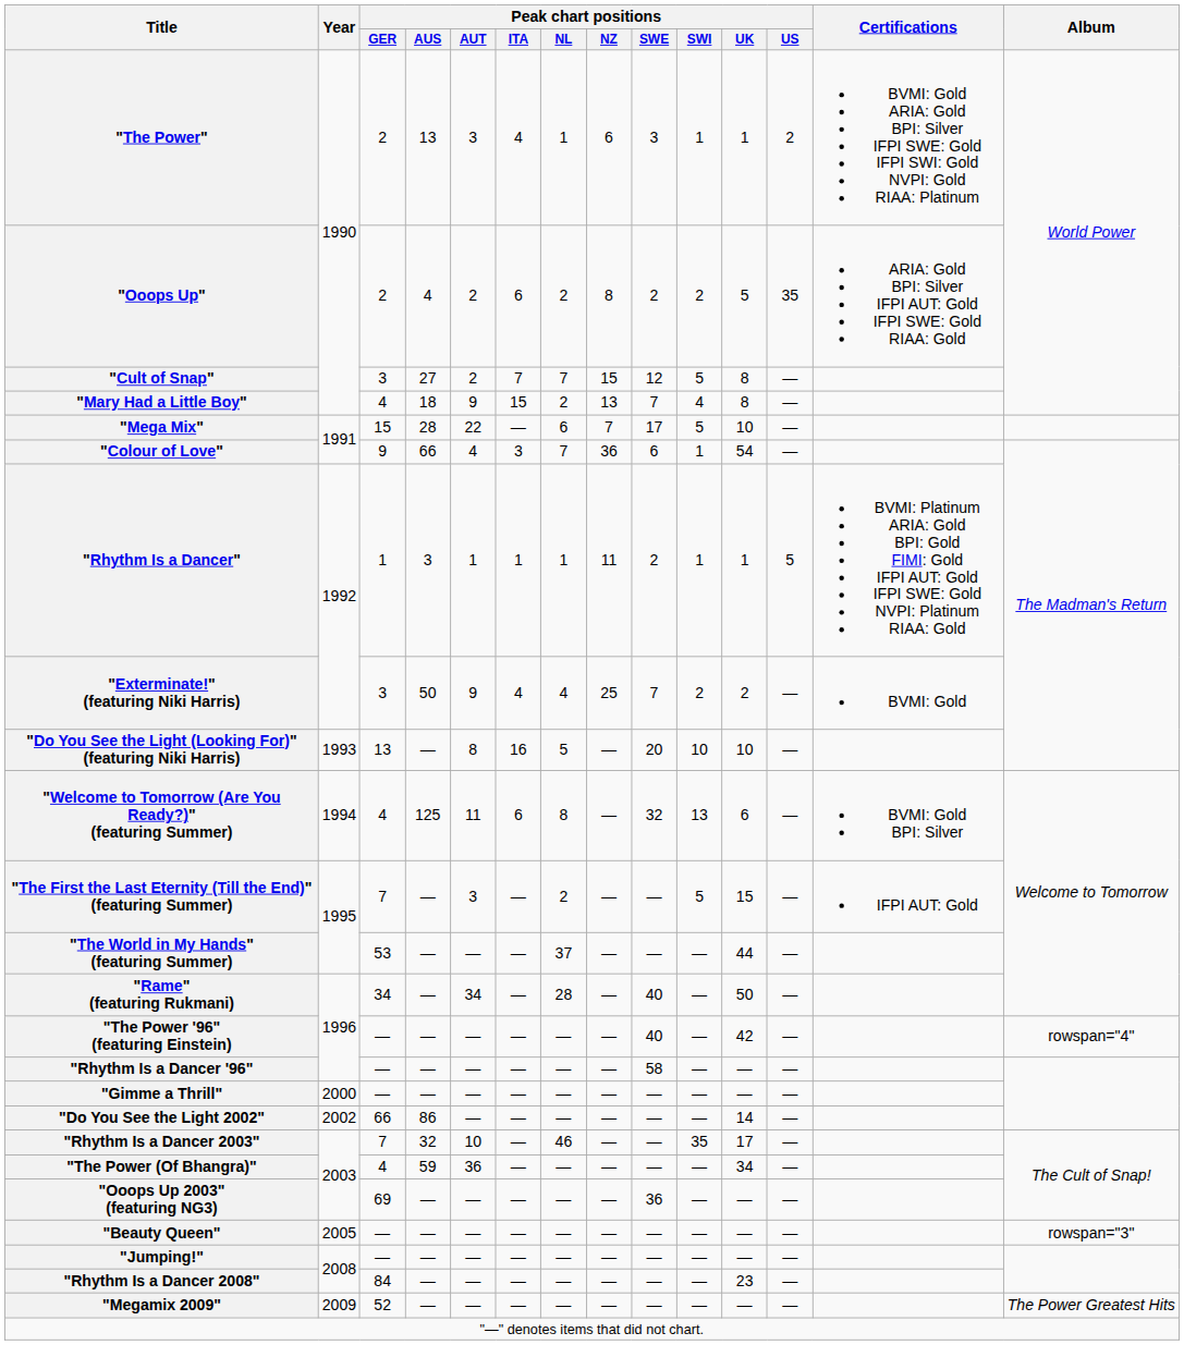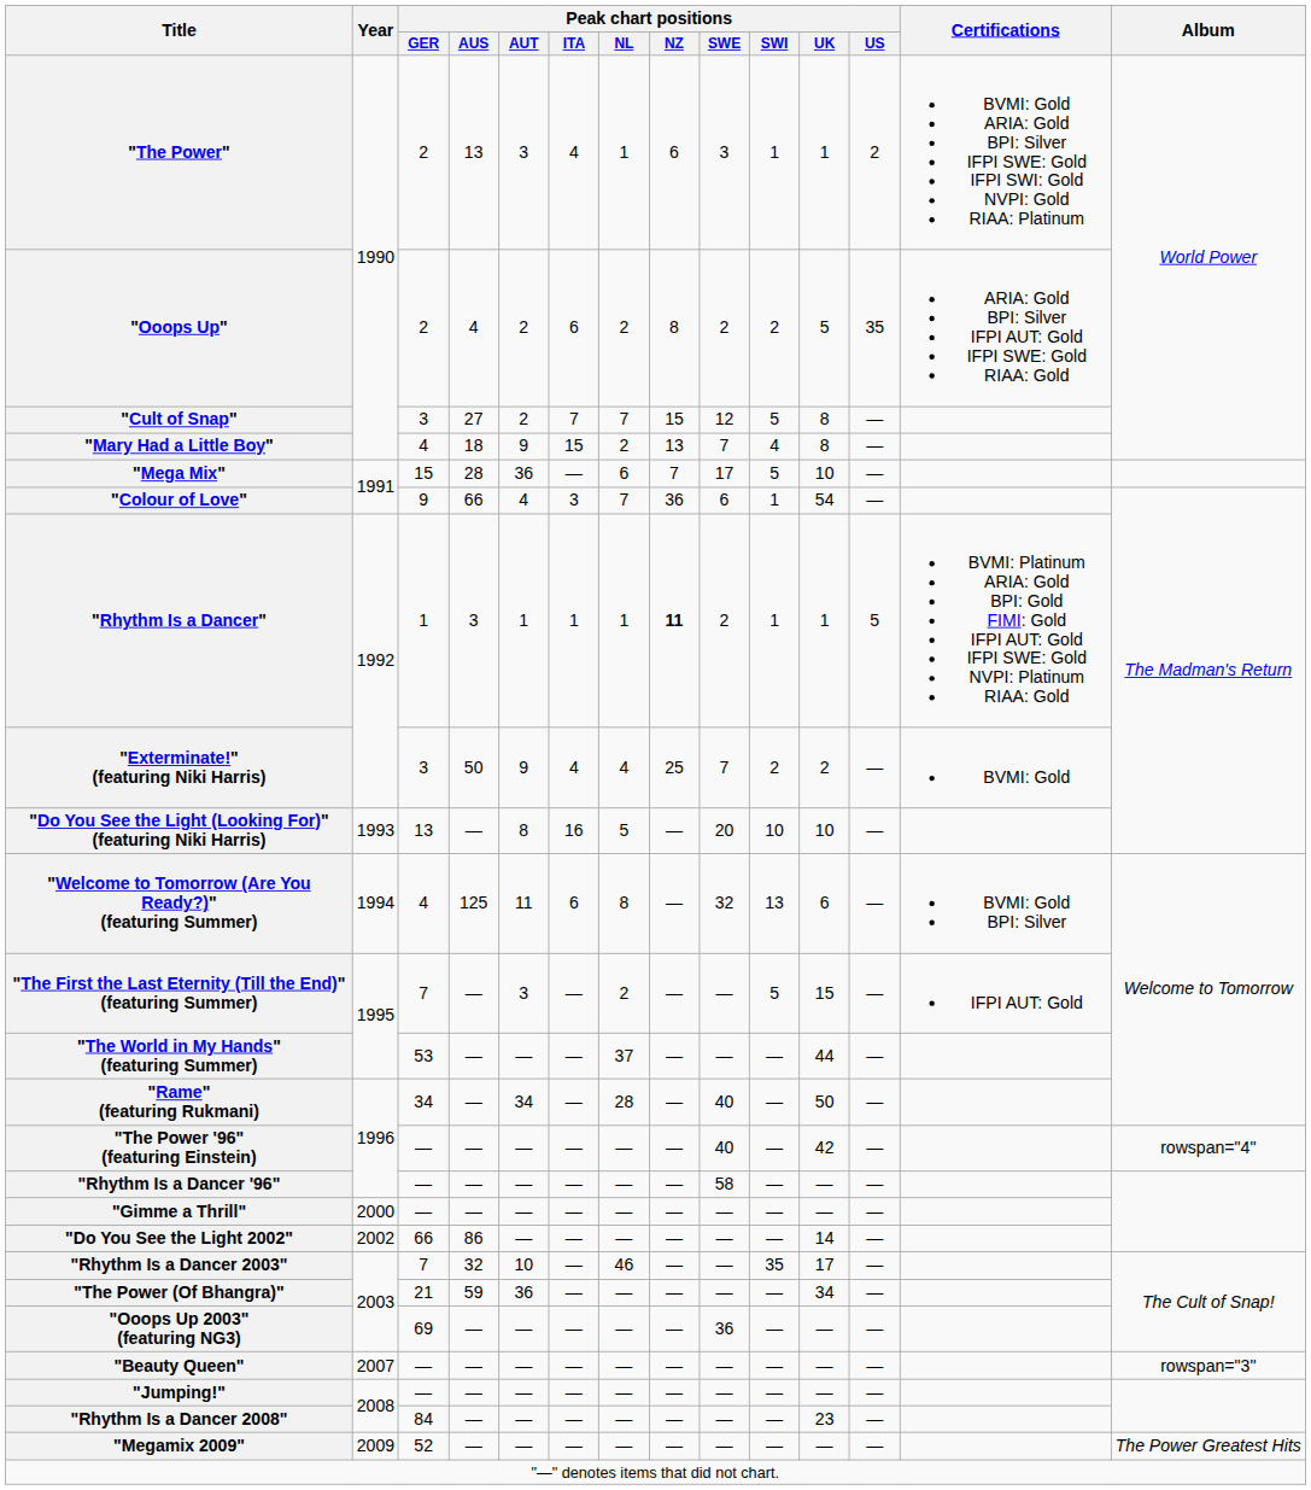 <table class="wikitable plainrowheaders" style="text-align:center;">
 <tr>
 <th scope="col" rowspan="2" style="width:20em;">Title</th>
 <th scope="col" rowspan="2">Year</th>
 <th scope="col" colspan="10">Peak chart positions</th>
 <th scope="col" rowspan="2" style="width:12em;"><a href='#'>Certifications</a></th>
 <th scope="col" rowspan="2">Album</th>
 </tr>
 <tr>
 <th style="width:3em;font-size:85%"><a href='#'>GER</a><br></th>
 <th style="width:3em;font-size:85%"><a href='#'>AUS</a><br></th>
 <th style="width:3em;font-size:85%"><a href='#'>AUT</a><br></th>
 <th style="width:3em;font-size:85%"><a href='#'>ITA</a><br></th>
 <th style="width:3em;font-size:85%"><a href='#'>NL</a><br></th>
 <th style="width:3em;font-size:85%"><a href='#'>NZ</a><br></th>
 <th style="width:3em;font-size:85%"><a href='#'>SWE</a><br></th>
 <th style="width:3em;font-size:85%"><a href='#'>SWI</a><br></th>
 <th style="width:3em;font-size:85%"><a href='#'>UK</a><br></th>
 <th style="width:3em;font-size:85%"><a href='#'>US</a><br></th>
 </tr>
 <tr>
 <th scope="row">"<a href='#'>The Power</a>"</th>
 <td rowspan="4">1990</td>
 <td>2</td>
 <td>13</td>
 <td>3</td>
 <td>4</td>
 <td>1</td>
 <td>6</td>
 <td>3</td>
 <td>1</td>
 <td>1</td>
 <td>2</td>
 <td><br><ul><li>BVMI: Gold</li><li>ARIA: Gold</li><li>BPI: Silver</li><li>IFPI SWE: Gold</li><li>IFPI SWI: Gold</li><li>NVPI: Gold</li><li>RIAA: Platinum</li></ul></td>
 <td rowspan="4"><em><a href='#'>World Power</a></em></td>
 </tr>
 <tr>
 <th scope="row">"<a href='#'>Ooops Up</a>"</th>
 <td>2</td>
 <td>4</td>
 <td>2</td>
 <td>6</td>
 <td>2</td>
 <td>8</td>
 <td>2</td>
 <td>2</td>
 <td>5</td>
 <td>35</td>
 <td><br><ul><li>ARIA: Gold</li><li>BPI: Silver</li><li>IFPI AUT: Gold</li><li>IFPI SWE: Gold</li><li>RIAA: Gold</li></ul></td>
 </tr>
 <tr>
 <th scope="row">"<a href='#'>Cult of Snap</a>"</th>
 <td>3</td>
 <td>27</td>
 <td>2</td>
 <td>7</td>
 <td>7</td>
 <td>15</td>
 <td>12</td>
 <td>5</td>
 <td>8</td>
 <td>—</td>
 <td></td>
 </tr>
 <tr>
 <th scope="row">"<a href='#'>Mary Had a Little Boy</a>"</th>
 <td>4</td>
 <td>18</td>
 <td>9</td>
 <td>15</td>
 <td>2</td>
 <td>13</td>
 <td>7</td>
 <td>4</td>
 <td>8</td>
 <td>—</td>
 <td></td>
 </tr>
 <tr>
 <th scope="row">"<a href='#'>Mega Mix</a>"</th>
 <td rowspan="2">1991</td>
 <td>15</td>
 <td>28</td>
-<td>22</td>
+<td>36</td>
 <td>—</td>
 <td>6</td>
 <td>7</td>
 <td>17</td>
 <td>5</td>
 <td>10</td>
 <td>—</td>
 <td></td>
 <td></td>
 </tr>
 <tr>
 <th scope="row">"<a href='#'>Colour of Love</a>"</th>
 <td>9</td>
 <td>66</td>
 <td>4</td>
 <td>3</td>
 <td>7</td>
 <td>36</td>
 <td>6</td>
 <td>1</td>
 <td>54</td>
 <td>—</td>
 <td></td>
 <td rowspan="4"><em><a href='#'>The Madman's Return</a></em></td>
 </tr>
 <tr>
 <th scope="row">"<a href='#'>Rhythm Is a Dancer</a>"</th>
 <td rowspan="2">1992</td>
 <td>1</td>
 <td>3</td>
 <td>1</td>
 <td>1</td>
 <td>1</td>
-<td>11</td>
+<td><strong>11</strong></td>
 <td>2</td>
 <td>1</td>
 <td>1</td>
 <td>5</td>
 <td><br><ul><li>BVMI: Platinum</li><li>ARIA: Gold</li><li>BPI: Gold</li><li><a href='#'>FIMI</a>: Gold</li><li>IFPI AUT: Gold</li><li>IFPI SWE: Gold</li><li>NVPI: Platinum</li><li>RIAA: Gold</li></ul></td>
 </tr>
 <tr>
 <th scope="row">"<a href='#'>Exterminate!</a>"<br><span>(featuring Niki Harris)</span></th>
 <td>3</td>
 <td>50</td>
 <td>9</td>
 <td>4</td>
 <td>4</td>
 <td>25</td>
 <td>7</td>
 <td>2</td>
 <td>2</td>
 <td>—</td>
 <td><br><ul><li>BVMI: Gold</li></ul></td>
 </tr>
 <tr>
 <th scope="row">"<a href='#'>Do You See the Light (Looking For)</a>"<br><span>(featuring Niki Harris)</span></th>
 <td>1993</td>
 <td>13</td>
 <td>—</td>
 <td>8</td>
 <td>16</td>
 <td>5</td>
 <td>—</td>
 <td>20</td>
 <td>10</td>
 <td>10</td>
 <td>—</td>
 <td></td>
 </tr>
 <tr>
 <th scope="row">"<a href='#'>Welcome to Tomorrow (Are You Ready?)</a>"<br><span>(featuring Summer)</span></th>
 <td>1994</td>
 <td>4</td>
 <td>125</td>
 <td>11</td>
 <td>6</td>
 <td>8</td>
 <td>—</td>
 <td>32</td>
 <td>13</td>
 <td>6</td>
 <td>—</td>
 <td><br><ul><li>BVMI: Gold</li><li>BPI: Silver</li></ul></td>
 <td rowspan="4"><em>Welcome to Tomorrow</em></td>
 </tr>
 <tr>
 <th scope="row">"<a href='#'>The First the Last Eternity (Till the End)</a>"<br><span>(featuring Summer)</span></th>
 <td rowspan="2">1995</td>
 <td>7</td>
 <td>—</td>
 <td>3</td>
 <td>—</td>
 <td>2</td>
 <td>—</td>
 <td>—</td>
 <td>5</td>
 <td>15</td>
 <td>—</td>
 <td><br><ul><li>IFPI AUT: Gold</li></ul></td>
 </tr>
 <tr>
 <th scope="row">"<a href='#'>The World in My Hands</a>"<br><span>(featuring Summer)</span></th>
 <td>53</td>
 <td>—</td>
 <td>—</td>
 <td>—</td>
 <td>37</td>
 <td>—</td>
 <td>—</td>
 <td>—</td>
 <td>44</td>
 <td>—</td>
 <td></td>
 </tr>
 <tr>
 <th scope="row">"<a href='#'>Rame</a>"<br><span>(featuring Rukmani)</span></th>
 <td rowspan="3">1996</td>
 <td>34</td>
 <td>—</td>
 <td>34</td>
 <td>—</td>
 <td>28</td>
 <td>—</td>
 <td>40</td>
 <td>—</td>
 <td>50</td>
 <td>—</td>
 <td></td>
 </tr>
 <tr>
 <th scope="row">"The Power '96"<br><span>(featuring Einstein)</span></th>
 <td>—</td>
 <td>—</td>
 <td>—</td>
 <td>—</td>
 <td>—</td>
 <td>—</td>
 <td>40</td>
 <td>—</td>
 <td>42</td>
 <td>—</td>
 <td></td>
 <td>rowspan="4" </td>
 </tr>
 <tr>
 <th scope="row">"Rhythm Is a Dancer '96"</th>
 <td>—</td>
 <td>—</td>
 <td>—</td>
 <td>—</td>
 <td>—</td>
 <td>—</td>
 <td>58</td>
 <td>—</td>
 <td>—</td>
 <td>—</td>
 <td></td>
 </tr>
 <tr>
 <th scope="row">"Gimme a Thrill"</th>
 <td>2000</td>
 <td>—</td>
 <td>—</td>
 <td>—</td>
 <td>—</td>
 <td>—</td>
 <td>—</td>
 <td>—</td>
 <td>—</td>
 <td>—</td>
 <td>—</td>
 <td></td>
 </tr>
 <tr>
 <th scope="row">"Do You See the Light 2002"</th>
 <td>2002</td>
 <td>66</td>
 <td>86</td>
 <td>—</td>
 <td>—</td>
 <td>—</td>
 <td>—</td>
 <td>—</td>
 <td>—</td>
 <td>14</td>
 <td>—</td>
 <td></td>
 </tr>
 <tr>
 <th scope="row">"Rhythm Is a Dancer 2003"</th>
 <td rowspan="3">2003</td>
 <td>7</td>
 <td>32</td>
 <td>10</td>
 <td>—</td>
 <td>46</td>
 <td>—</td>
 <td>—</td>
 <td>35</td>
 <td>17</td>
 <td>—</td>
 <td></td>
 <td rowspan="3"><em>The Cult of Snap!</em></td>
 </tr>
 <tr>
 <th scope="row">"The Power (Of Bhangra)"</th>
-<td>4</td>
+<td>21</td>
 <td>59</td>
 <td>36</td>
 <td>—</td>
 <td>—</td>
 <td>—</td>
 <td>—</td>
 <td>—</td>
 <td>34</td>
 <td>—</td>
 <td></td>
 </tr>
 <tr>
 <th scope="row">"Ooops Up 2003" <br><span>(featuring NG3)</span></th>
 <td>69</td>
 <td>—</td>
 <td>—</td>
 <td>—</td>
 <td>—</td>
 <td>—</td>
 <td>36</td>
 <td>—</td>
 <td>—</td>
 <td>—</td>
 <td></td>
 </tr>
 <tr>
 <th scope="row">"Beauty Queen"</th>
-<td>2005</td>
+<td>2007</td>
 <td>—</td>
 <td>—</td>
 <td>—</td>
 <td>—</td>
 <td>—</td>
 <td>—</td>
 <td>—</td>
 <td>—</td>
 <td>—</td>
 <td>—</td>
 <td></td>
 <td>rowspan="3" </td>
 </tr>
 <tr>
 <th scope="row">"Jumping!"</th>
 <td rowspan="2">2008</td>
 <td>—</td>
 <td>—</td>
 <td>—</td>
 <td>—</td>
 <td>—</td>
 <td>—</td>
 <td>—</td>
 <td>—</td>
 <td>—</td>
 <td>—</td>
 <td></td>
 </tr>
 <tr>
 <th scope="row">"Rhythm Is a Dancer 2008"</th>
 <td>84</td>
 <td>—</td>
 <td>—</td>
 <td>—</td>
 <td>—</td>
 <td>—</td>
 <td>—</td>
 <td>—</td>
 <td>23</td>
 <td>—</td>
 <td></td>
 </tr>
 <tr>
 <th scope="row">"Megamix 2009"</th>
 <td>2009</td>
 <td>52</td>
 <td>—</td>
 <td>—</td>
 <td>—</td>
 <td>—</td>
 <td>—</td>
 <td>—</td>
 <td>—</td>
 <td>—</td>
 <td>—</td>
 <td></td>
 <td><em>The Power Greatest Hits</em></td>
 </tr>
 <tr>
 <td colspan="15" style="text-align:center; font-size:90%;">"—" denotes items that did not chart.</td>
 </tr>
 </table>
